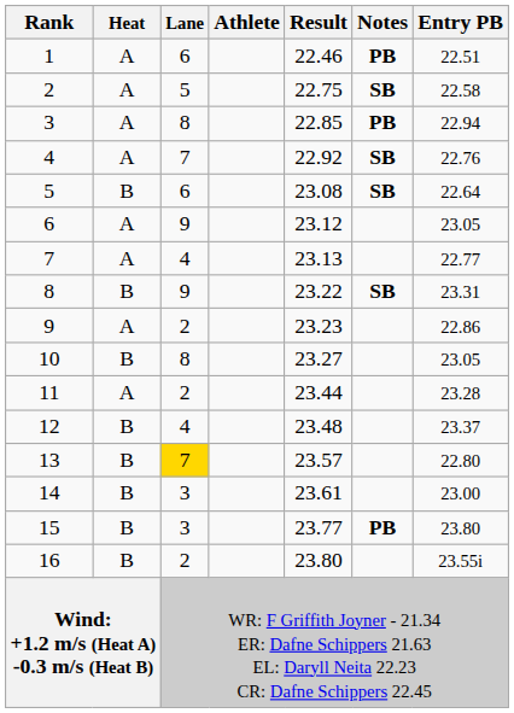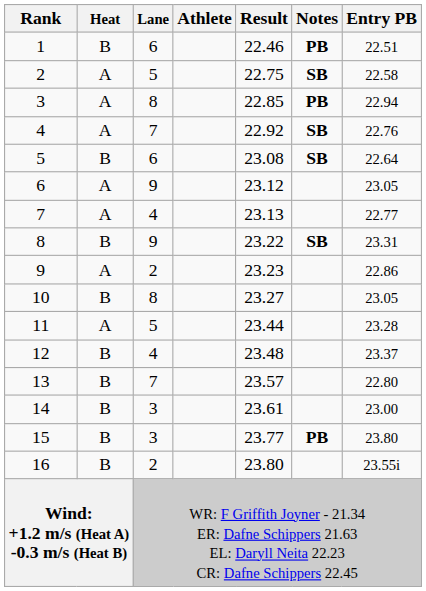 <table class="wikitable sortable" style="text-align:center;">
 <tr>
 <th>Rank</th>
 <th><small>Heat</small></th>
 <th><small>Lane</small></th>
 <th>Athlete</th>
 <th>Result</th>
 <th>Notes</th>
 <th>Entry PB</th>
 </tr>
 <tr>
 <td>1</td>
-<td>A</td>
+<td>B</td>
 <td>6</td>
 <td align=left></td>
 <td>22.46</td>
 <td> <strong>PB</strong></td>
 <td><small>22.51</small></td>
 </tr>
 <tr>
 <td>2</td>
 <td>A</td>
 <td>5</td>
 <td align=left></td>
 <td>22.75</td>
 <td> <strong>SB</strong></td>
 <td><small>22.58</small></td>
 </tr>
 <tr>
 <td>3</td>
 <td>A</td>
 <td>8</td>
 <td align=left></td>
 <td>22.85</td>
 <td><strong>PB</strong></td>
 <td><small>22.94</small></td>
 </tr>
 <tr>
 <td>4</td>
 <td>A</td>
 <td>7</td>
 <td align=left></td>
 <td>22.92</td>
 <td><strong>SB</strong></td>
 <td><small>22.76</small></td>
 </tr>
 <tr>
 <td>5</td>
 <td>B</td>
 <td>6</td>
 <td align=left></td>
 <td>23.08</td>
 <td><strong>SB</strong></td>
 <td><small>22.64</small></td>
 </tr>
 <tr>
 <td>6</td>
 <td>A</td>
 <td>9</td>
 <td align=left></td>
 <td>23.12</td>
 <td></td>
 <td><small>23.05</small></td>
 </tr>
 <tr>
 <td>7</td>
 <td>A</td>
 <td>4</td>
 <td align=left></td>
 <td>23.13</td>
 <td></td>
 <td><small>22.77</small></td>
 </tr>
 <tr>
 <td>8</td>
 <td>B</td>
 <td>9</td>
 <td align=left></td>
 <td>23.22</td>
 <td><strong>SB</strong></td>
 <td><small>23.31</small></td>
 </tr>
 <tr>
 <td>9</td>
 <td>A</td>
 <td>2</td>
 <td align=left></td>
 <td>23.23</td>
 <td></td>
 <td><small>22.86</small></td>
 </tr>
 <tr>
 <td>10</td>
 <td>B</td>
 <td>8</td>
 <td align=left></td>
 <td>23.27</td>
 <td></td>
 <td><small>23.05</small></td>
 </tr>
 <tr>
 <td>11</td>
 <td>A</td>
-<td>2</td>
+<td>5</td>
 <td align=left></td>
 <td>23.44</td>
 <td></td>
 <td><small>23.28</small></td>
 </tr>
 <tr>
 <td>12</td>
 <td>B</td>
 <td>4</td>
 <td align=left></td>
 <td>23.48</td>
 <td></td>
 <td><small>23.37</small></td>
 </tr>
 <tr>
 <td>13</td>
 <td>B</td>
-<td style="background: gold;">7</td>
+<td>7</td>
 <td align=left></td>
 <td>23.57</td>
 <td></td>
 <td><small>22.80</small></td>
 </tr>
 <tr>
 <td>14</td>
 <td>B</td>
 <td>3</td>
 <td align=left></td>
 <td>23.61</td>
 <td></td>
 <td><small>23.00</small></td>
 </tr>
 <tr>
 <td>15</td>
 <td>B</td>
 <td>3</td>
 <td align=left></td>
 <td>23.77</td>
 <td><strong>PB</strong></td>
 <td><small>23.80</small></td>
 </tr>
 <tr>
 <td>16</td>
 <td>B</td>
 <td>2</td>
 <td align=left></td>
 <td>23.80</td>
 <td></td>
 <td><small>23.55i</small></td>
 </tr>
 <tr class="sortbottom">
 <th colspan="2" align="left">Wind:<br>+1.2 m/s <small>(Heat A)</small><br>-0.3 m/s <small>(Heat B)</small></th>
 <td colspan="5" bgcolor="#cccccc"><br> <small>WR:   <a href='#'>F Griffith Joyner</a> - 21.34<br>ER:  <a href='#'>Dafne Schippers</a> 21.63<br></small> <small>EL:   <a href='#'>Daryll Neita</a> 22.23<br>CR:  <a href='#'>Dafne Schippers</a> 22.45</small></td>
 </tr>
 </table>
